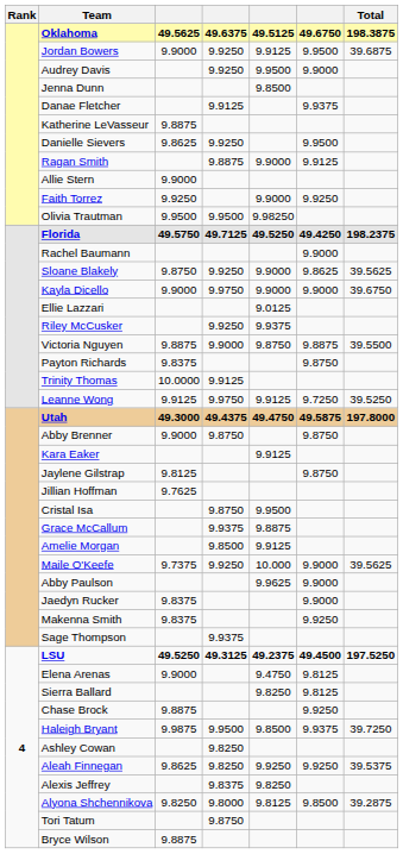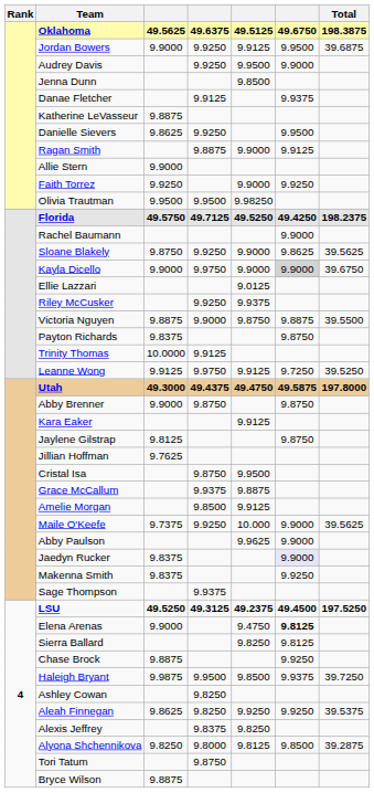 <table class="wikitable" style="text-align:center; font-size:95%">
 <tr>
 <th rowspan="1">Rank</th>
 <th rowspan="1">Team</th>
 <th colspan="1"></th>
 <th colspan="1"></th>
 <th colspan="1"></th>
 <th colspan="1"></th>
 <th rowspan="1">Total</th>
 </tr>
 <tr style="background:#fffcaf;">
 <td rowspan="11"></td>
 <td style="text-align:left;"><strong><a href='#'>Oklahoma</a></strong></td>
 <td><strong>49.5625</strong></td>
 <td><strong>49.6375</strong></td>
 <td><strong>49.5125</strong></td>
 <td><strong>49.6750</strong></td>
 <td><strong>198.3875</strong></td>
 </tr>
 <tr>
 <td style="text-align:left;"><a href='#'>Jordan Bowers</a></td>
 <td>9.9000</td>
 <td>9.9250</td>
 <td>9.9125</td>
 <td>9.9500</td>
 <td>39.6875</td>
 </tr>
 <tr>
 <td style="text-align:left;">Audrey Davis</td>
 <td></td>
 <td>9.9250</td>
 <td>9.9500</td>
 <td>9.9000</td>
 <td></td>
 </tr>
 <tr>
 <td style="text-align:left;">Jenna Dunn</td>
 <td></td>
 <td></td>
 <td>9.8500</td>
 <td></td>
 <td></td>
 </tr>
 <tr>
 <td style="text-align:left;">Danae Fletcher</td>
 <td></td>
 <td>9.9125</td>
 <td></td>
 <td>9.9375</td>
 <td></td>
 </tr>
 <tr>
 <td style="text-align:left;">Katherine LeVasseur</td>
 <td>9.8875</td>
 <td></td>
 <td></td>
 <td></td>
 <td></td>
 </tr>
 <tr>
 <td style="text-align:left;">Danielle Sievers</td>
 <td>9.8625</td>
 <td>9.9250</td>
 <td></td>
 <td>9.9500</td>
 <td></td>
 </tr>
 <tr>
 <td style="text-align:left;"><a href='#'>Ragan Smith</a></td>
 <td></td>
 <td>9.8875</td>
 <td>9.9000</td>
 <td>9.9125</td>
 <td></td>
 </tr>
 <tr>
 <td style="text-align:left;">Allie Stern</td>
 <td>9.9000</td>
 <td></td>
 <td></td>
 <td></td>
 <td></td>
 </tr>
 <tr>
 <td style="text-align:left;"><a href='#'>Faith Torrez</a></td>
 <td>9.9250</td>
 <td></td>
 <td>9.9000</td>
 <td>9.9250</td>
 <td></td>
 </tr>
 <tr>
 <td style="text-align:left;">Olivia Trautman</td>
 <td>9.9500</td>
 <td>9.9500</td>
 <td>9.98250</td>
 <td></td>
 <td></td>
 </tr>
 <tr style="background:#e5e5e5;">
 <td rowspan="10"></td>
 <td style="text-align:left;"><strong><a href='#'>Florida</a></strong></td>
 <td><strong>49.5750</strong></td>
 <td><strong>49.7125</strong></td>
 <td><strong>49.5250</strong></td>
 <td><strong>49.4250</strong></td>
 <td><strong>198.2375</strong></td>
 </tr>
 <tr>
 <td style="text-align:left;">Rachel Baumann</td>
 <td></td>
 <td></td>
 <td></td>
 <td>9.9000</td>
 <td></td>
 </tr>
 <tr>
 <td style="text-align:left;"><a href='#'>Sloane Blakely</a></td>
 <td>9.8750</td>
 <td>9.9250</td>
 <td>9.9000</td>
 <td>9.8625</td>
 <td>39.5625</td>
 </tr>
 <tr>
 <td style="text-align:left;"><a href='#'>Kayla Dicello</a></td>
 <td>9.9000</td>
 <td>9.9750</td>
 <td>9.9000</td>
-<td>9.9000</td>
+<td style="background: lightgrey;">9.9000</td>
 <td>39.6750</td>
 </tr>
 <tr>
 <td style="text-align:left;">Ellie Lazzari</td>
 <td></td>
 <td></td>
 <td>9.0125</td>
 <td></td>
 <td></td>
 </tr>
 <tr>
 <td style="text-align:left;"><a href='#'>Riley McCusker</a></td>
 <td></td>
 <td>9.9250</td>
 <td>9.9375</td>
 <td></td>
 <td></td>
 </tr>
 <tr>
 <td style="text-align:left;">Victoria Nguyen</td>
 <td>9.8875</td>
 <td>9.9000</td>
 <td>9.8750</td>
 <td>9.8875</td>
 <td>39.5500</td>
 </tr>
 <tr>
 <td style="text-align:left;">Payton Richards</td>
 <td>9.8375</td>
 <td></td>
 <td></td>
 <td>9.8750</td>
 <td></td>
 </tr>
 <tr>
 <td style="text-align:left;"><a href='#'>Trinity Thomas</a></td>
 <td>10.0000</td>
 <td>9.9125</td>
 <td></td>
 <td></td>
 <td></td>
 </tr>
 <tr>
 <td style="text-align:left;"><a href='#'>Leanne Wong</a></td>
 <td>9.9125</td>
 <td>9.9750</td>
 <td>9.9125</td>
 <td>9.7250</td>
 <td>39.5250</td>
 </tr>
 <tr style="background:#ec9;">
 <td rowspan="13"></td>
 <td style="text-align:left;"><strong><a href='#'>Utah</a></strong></td>
 <td><strong>49.3000</strong></td>
 <td><strong>49.4375</strong></td>
 <td><strong>49.4750</strong></td>
 <td><strong>49.5875</strong></td>
 <td><strong>197.8000</strong></td>
 </tr>
 <tr>
 <td style="text-align:left;">Abby Brenner</td>
 <td>9.9000</td>
 <td>9.8750</td>
 <td></td>
 <td>9.8750</td>
 <td></td>
 </tr>
 <tr>
 <td style="text-align:left;"><a href='#'>Kara Eaker</a></td>
 <td></td>
 <td></td>
 <td>9.9125</td>
 <td></td>
 <td></td>
 </tr>
 <tr>
 <td style="text-align:left;">Jaylene Gilstrap</td>
 <td>9.8125</td>
 <td></td>
 <td></td>
 <td>9.8750</td>
 <td></td>
 </tr>
 <tr>
 <td style="text-align:left;">Jillian Hoffman</td>
 <td>9.7625</td>
 <td></td>
 <td></td>
 <td></td>
 <td></td>
 </tr>
 <tr>
 <td style="text-align:left;">Cristal Isa</td>
 <td></td>
 <td>9.8750</td>
 <td>9.9500</td>
 <td></td>
 <td></td>
 </tr>
 <tr>
 <td style="text-align:left;"><a href='#'>Grace McCallum</a></td>
 <td></td>
 <td>9.9375</td>
 <td>9.8875</td>
 <td></td>
 <td></td>
 </tr>
 <tr>
 <td style="text-align:left;"><a href='#'>Amelie Morgan</a></td>
 <td></td>
 <td>9.8500</td>
 <td>9.9125</td>
 <td></td>
 <td></td>
 </tr>
 <tr>
 <td style="text-align:left;"><a href='#'>Maile O'Keefe</a></td>
 <td>9.7375</td>
 <td>9.9250</td>
 <td>10.000</td>
 <td>9.9000</td>
 <td>39.5625</td>
 </tr>
 <tr>
 <td style="text-align:left;">Abby Paulson</td>
 <td></td>
 <td></td>
 <td>9.9625</td>
 <td>9.9000</td>
 <td></td>
 </tr>
 <tr>
 <td style="text-align:left;">Jaedyn Rucker</td>
 <td>9.8375</td>
 <td></td>
 <td></td>
-<td>9.9000</td>
+<td style="background: lavender;">9.9000</td>
 <td></td>
 </tr>
 <tr>
 <td style="text-align:left;">Makenna Smith</td>
 <td>9.8375</td>
 <td></td>
 <td></td>
 <td>9.9250</td>
 <td></td>
 </tr>
 <tr>
 <td style="text-align:left;">Sage Thompson</td>
 <td></td>
 <td>9.9375</td>
 <td></td>
 <td></td>
 <td></td>
 </tr>
 <tr>
 <td rowspan="11"><strong>4</strong></td>
 <td style="text-align:left;"><strong><a href='#'>LSU</a></strong></td>
 <td><strong>49.5250</strong></td>
 <td><strong>49.3125</strong></td>
 <td><strong>49.2375</strong></td>
 <td><strong>49.4500</strong></td>
 <td><strong>197.5250</strong></td>
 </tr>
 <tr>
 <td style="text-align:left;">Elena Arenas</td>
 <td>9.9000</td>
 <td></td>
 <td>9.4750</td>
-<td>9.8125</td>
+<td><strong>9.8125</strong></td>
 <td></td>
 </tr>
 <tr>
 <td style="text-align:left;">Sierra Ballard</td>
 <td></td>
 <td></td>
 <td>9.8250</td>
 <td>9.8125</td>
 <td></td>
 </tr>
 <tr>
 <td style="text-align:left;">Chase Brock</td>
 <td>9.8875</td>
 <td></td>
 <td></td>
 <td>9.9250</td>
 <td></td>
 </tr>
 <tr>
 <td style="text-align:left;"><a href='#'>Haleigh Bryant</a></td>
 <td>9.9875</td>
 <td>9.9500</td>
 <td>9.8500</td>
 <td>9.9375</td>
 <td>39.7250</td>
 </tr>
 <tr>
 <td style="text-align:left;">Ashley Cowan</td>
 <td></td>
 <td>9.8250</td>
 <td></td>
 <td></td>
 <td></td>
 </tr>
 <tr>
 <td style="text-align:left;"><a href='#'>Aleah Finnegan</a></td>
 <td>9.8625</td>
 <td>9.8250</td>
 <td>9.9250</td>
 <td>9.9250</td>
 <td>39.5375</td>
 </tr>
 <tr>
 <td style="text-align:left;">Alexis Jeffrey</td>
 <td></td>
 <td>9.8375</td>
 <td>9.8250</td>
 <td></td>
 <td></td>
 </tr>
 <tr>
 <td style="text-align:left;"><a href='#'>Alyona Shchennikova</a></td>
 <td>9.8250</td>
 <td>9.8000</td>
 <td>9.8125</td>
 <td>9.8500</td>
 <td>39.2875</td>
 </tr>
 <tr>
 <td style="text-align:left;">Tori Tatum</td>
 <td></td>
 <td>9.8750</td>
 <td></td>
 <td></td>
 <td></td>
 </tr>
 <tr>
 <td style="text-align:left;">Bryce Wilson</td>
 <td>9.8875</td>
 <td></td>
 <td></td>
 <td></td>
 <td></td>
 </tr>
 </table>
